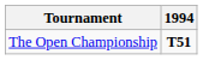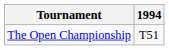 <table class="wikitable" style="font-size:95%;text-align:center;">
 <tr>
 <th>Tournament</th>
 <th>1994</th>
 </tr>
 <tr>
 <td align=left><a href='#'>The Open Championship</a></td>
-<td><strong>T51</strong></td>
+<td>T51</td>
 </tr>
 </table>
